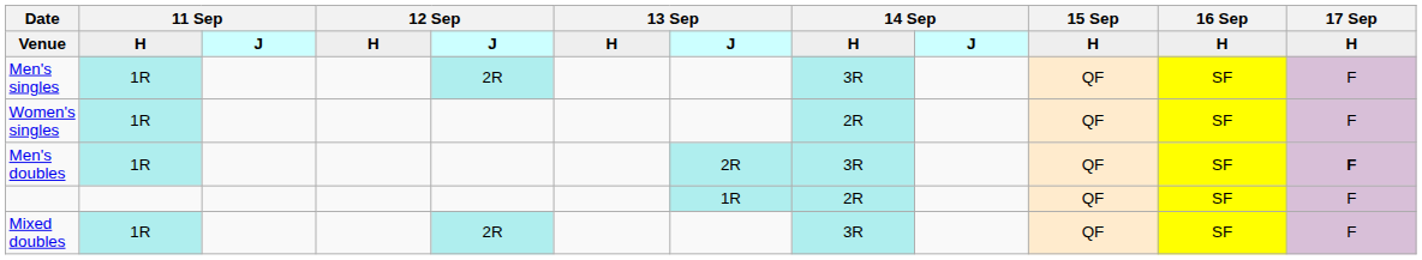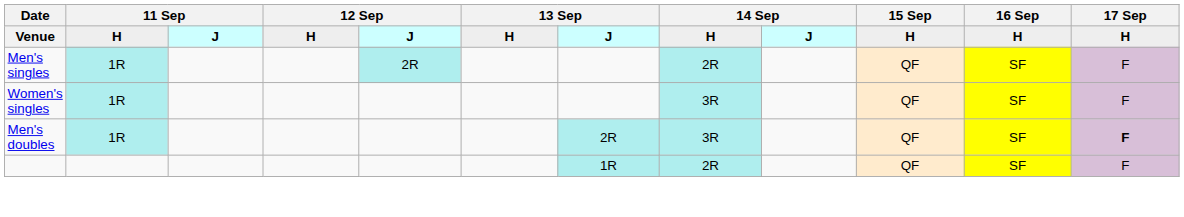 <table class="wikitable" style="margin:0.5em auto; font-size:90%; text-align:center; nowrap:yes">
 <tr>
 <th>Date</th>
 <th colspan="2">11 Sep</th>
 <th colspan="2">12 Sep</th>
 <th colspan="2">13 Sep</th>
 <th colspan="2">14 Sep</th>
 <th>15 Sep</th>
 <th>16 Sep</th>
 <th>17 Sep</th>
 </tr>
 <tr>
 <th>Venue</th>
 <th style="background-color:#EEEEEE; width:25em">H</th>
 <th style="background-color:#CCFFFF; width:25em">J</th>
 <th style="background-color:#EEEEEE; width:25em">H</th>
 <th style="background-color:#CCFFFF; width:25em">J</th>
 <th style="background-color:#EEEEEE; width:25em">H</th>
 <th style="background-color:#CCFFFF; width:25em">J</th>
 <th style="background-color:#EEEEEE; width:25em">H</th>
 <th style="background-color:#CCFFFF; width:25em">J</th>
 <th style="background-color:#EEEEEE; width:25em">H</th>
 <th style="background-color:#EEEEEE; width:25em">H</th>
 <th style="background-color:#EEEEEE; width:25em">H</th>
 </tr>
 <tr>
 <td align="left"><a href='#'>Men's singles</a></td>
 <td bgcolor="#AFEEEE">1R</td>
 <td></td>
 <td></td>
 <td bgcolor="#AFEEEE">2R</td>
 <td></td>
 <td></td>
-<td bgcolor="#AFEEEE">3R</td>
+<td bgcolor="#AFEEEE">2R</td>
 <td></td>
 <td bgcolor="#FFEBCD">QF</td>
 <td bgcolor="#FFFF00">SF</td>
 <td bgcolor="#D8BFD8">F</td>
 </tr>
 <tr>
 <td align="left"><a href='#'>Women's singles</a></td>
 <td bgcolor="#AFEEEE">1R</td>
 <td></td>
 <td></td>
 <td></td>
 <td></td>
 <td></td>
-<td bgcolor="#AFEEEE">2R</td>
+<td bgcolor="#AFEEEE">3R</td>
 <td></td>
 <td bgcolor="#FFEBCD">QF</td>
 <td bgcolor="#FFFF00">SF</td>
 <td bgcolor="#D8BFD8">F</td>
 </tr>
 <tr>
 <td align="left"><a href='#'>Men's doubles</a></td>
 <td bgcolor="#AFEEEE">1R</td>
 <td></td>
 <td></td>
 <td></td>
 <td></td>
 <td bgcolor="#AFEEEE">2R</td>
 <td bgcolor="#AFEEEE">3R</td>
 <td></td>
 <td bgcolor="#FFEBCD">QF</td>
 <td bgcolor="#FFFF00">SF</td>
 <td bgcolor="#D8BFD8"><strong>F</strong></td>
 </tr>
 <tr>
 <td align="left"></td>
 <td></td>
 <td></td>
 <td></td>
 <td></td>
 <td></td>
 <td bgcolor="#AFEEEE">1R</td>
 <td bgcolor="#AFEEEE">2R</td>
 <td></td>
 <td bgcolor="#FFEBCD">QF</td>
 <td bgcolor="#FFFF00">SF</td>
 <td bgcolor="#D8BFD8">F</td>
 </tr>
-<tr>
-<td align="left"><a href='#'>Mixed doubles</a></td>
-<td bgcolor="#AFEEEE">1R</td>
-<td></td>
-<td></td>
-<td bgcolor="#AFEEEE">2R</td>
-<td></td>
-<td></td>
-<td bgcolor="#AFEEEE">3R</td>
-<td></td>
-<td bgcolor="#FFEBCD">QF</td>
-<td bgcolor="#FFFF00">SF</td>
-<td bgcolor="#D8BFD8">F</td>
-</tr>
 </table>
